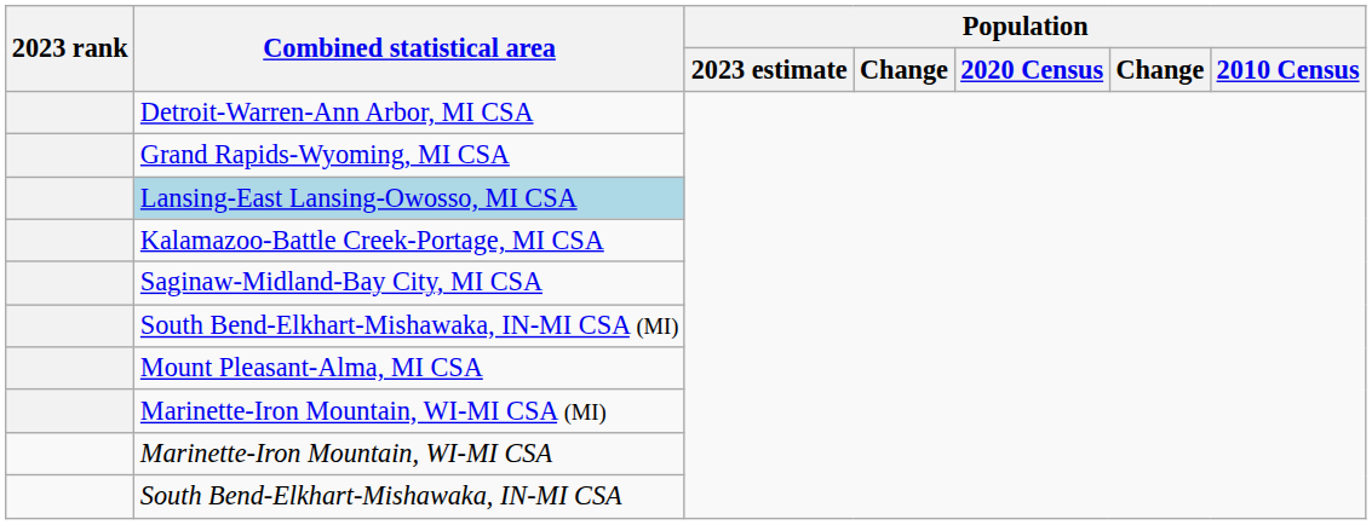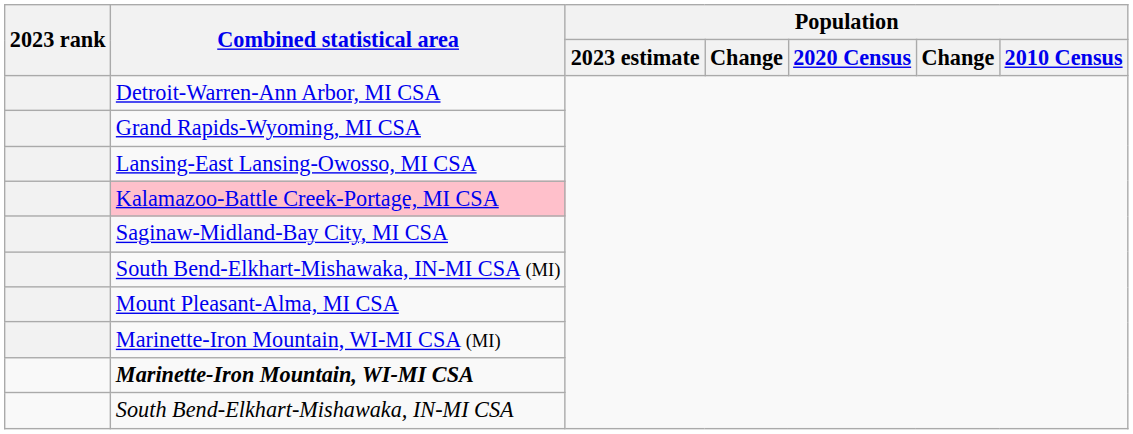 <table class="wikitable sortable">
 <tr>
 <th scope=col rowspan=2>2023 rank</th>
 <th scope=col rowspan=2><a href='#'>Combined statistical area</a></th>
 <th colspan=5>Population</th>
 </tr>
 <tr>
 <th scope=col>2023 estimate</th>
 <th scope=col>Change</th>
 <th scope=col><a href='#'>2020 Census</a></th>
 <th scope=col>Change</th>
 <th scope=col><a href='#'>2010 Census</a></th>
 </tr>
 <tr>
 <th scope=row></th>
 <td><a href='#'>Detroit-Warren-Ann Arbor, MI CSA</a><br></td>
 </tr>
 <tr>
 <th scope=row></th>
 <td><a href='#'>Grand Rapids-Wyoming, MI CSA</a><br></td>
 </tr>
 <tr>
 <th scope=row></th>
-<td style="background: lightblue;"><a href='#'>Lansing-East Lansing-Owosso, MI CSA</a><br></td>
+<td><a href='#'>Lansing-East Lansing-Owosso, MI CSA</a><br></td>
 </tr>
 <tr>
 <th scope=row></th>
-<td><a href='#'>Kalamazoo-Battle Creek-Portage, MI CSA</a><br></td>
+<td style="background: pink;"><a href='#'>Kalamazoo-Battle Creek-Portage, MI CSA</a><br></td>
 </tr>
 <tr>
 <th scope=row></th>
 <td><a href='#'>Saginaw-Midland-Bay City, MI CSA</a><br></td>
 </tr>
 <tr>
 <th scope=row></th>
 <td><a href='#'>South Bend-Elkhart-Mishawaka, IN-MI CSA</a> <small>(MI)</small><br></td>
 </tr>
 <tr>
 <th scope=row></th>
 <td><a href='#'>Mount Pleasant-Alma, MI CSA</a><br></td>
 </tr>
 <tr>
 <th scope=row></th>
 <td><a href='#'>Marinette-Iron Mountain, WI-MI CSA</a> <small>(MI)</small><br></td>
 </tr>
 <tr>
 <td></td>
-<td><em><span>Marinette-Iron Mountain, WI-MI CSA</span></em><br></td>
+<td><strong><em><span>Marinette-Iron Mountain, WI-MI CSA</span></em><br></strong></td>
 </tr>
 <tr>
 <td></td>
 <td><em><span>South Bend-Elkhart-Mishawaka, IN-MI CSA</span></em><br></td>
 </tr>
 </table>
